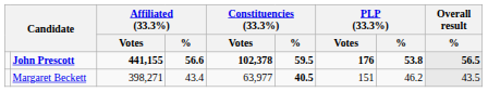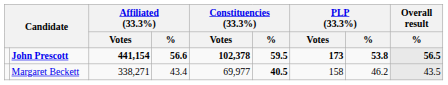 <table class=wikitable style="font-size:95%;">
 <tr>
 <th colspan="2" scope="col" rowspan="2" width="125">Candidate</th>
 <th scope="col" colspan="2" width="150"><a href='#'>Affiliated</a> <br> (33.3%)</th>
 <th scope="col" colspan="2" width="150"><a href='#'>Constituencies</a> <br> (33.3%)</th>
 <th scope="col" colspan="2" width="150"><a href='#'>PLP</a> <br> (33.3%)</th>
 <th scope="col" colspan="2" width="75">Overall result</th>
 </tr>
 <tr>
 <th>Votes</th>
 <th>%</th>
 <th>Votes</th>
 <th>%</th>
 <th>Votes</th>
 <th>%</th>
 <th>%</th>
 </tr>
 <tr align="right">
 <td style="background-color: "></td>
 <td scope="row" align="left"><strong><a href='#'>John Prescott</a></strong>  </td>
-<td><strong>441,155</strong></td>
+<td><strong>441,154</strong></td>
 <td><strong>56.6</strong></td>
 <td><strong>102,378</strong></td>
 <td><strong>59.5</strong></td>
-<td><strong>176</strong></td>
+<td><strong>173</strong></td>
 <td><strong>53.8</strong></td>
 <td style="background:#e9e9e9;"><strong>56.5</strong></td>
 </tr>
 <tr align="right">
 <td style="background-color: "></td>
 <td scope="row" align="left"><a href='#'>Margaret Beckett</a></td>
-<td>398,271</td>
+<td>338,271</td>
 <td>43.4</td>
-<td>63,977</td>
+<td>69,977</td>
 <td><strong>40.5</strong></td>
-<td>151</td>
+<td>158</td>
 <td>46.2</td>
 <td style="background:#e9e9e9;">43.5</td>
 </tr>
 </table>
